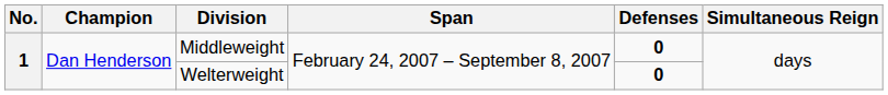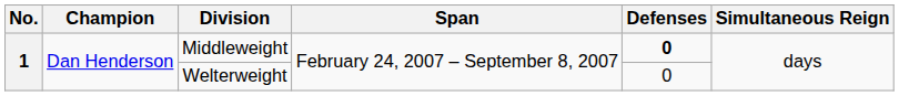 <table class="wikitable">
 <tr>
 <th>No.</th>
 <th>Champion</th>
 <th>Division</th>
 <th>Span</th>
 <th>Defenses</th>
 <th>Simultaneous Reign</th>
 </tr>
 <tr>
 <th rowspan=2>1</th>
 <td align=left rowspan="2"> <a href='#'>Dan Henderson</a></td>
 <td align=center>Middleweight</td>
 <td align=center rowspan="2">February 24, 2007 – September 8, 2007</td>
 <td align=center><strong>0</strong></td>
 <td align=center rowspan="2"> days</td>
 </tr>
 <tr>
 <td align=center>Welterweight</td>
-<td align=center><strong>0</strong></td>
+<td align=center>0</td>
 </tr>
 </table>
